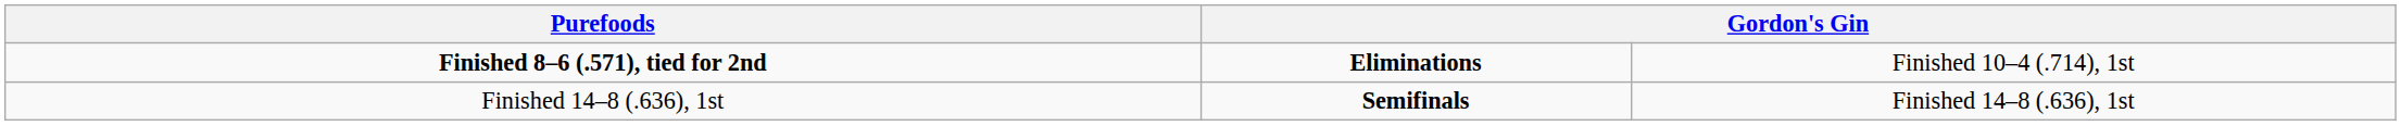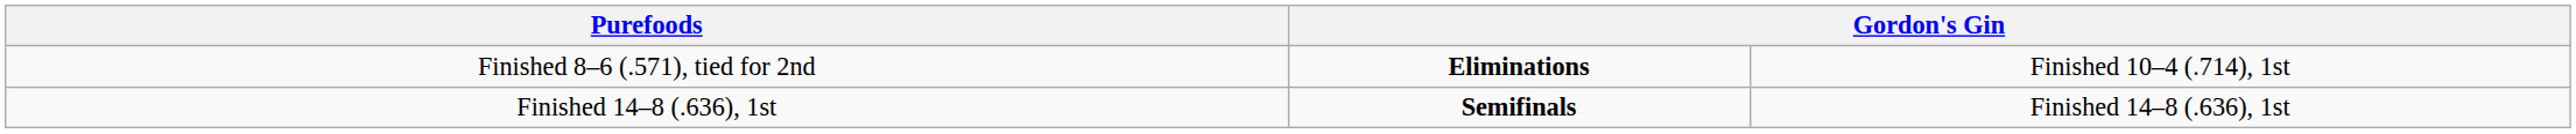 <table class=wikitable width=100%>
 <tr align=center>
 <th colspan=2 width=45%><a href='#'>Purefoods</a></th>
 <th colspan=2 width=45%><a href='#'>Gordon's Gin</a></th>
 </tr>
 <tr align=center>
-<td><strong>Finished 8–6 (.571), tied for 2nd</strong></td>
+<td>Finished 8–6 (.571), tied for 2nd</td>
 <td colspan=2><strong>Eliminations</strong></td>
 <td>Finished 10–4 (.714), 1st</td>
 </tr>
 <tr align=center>
 <td rowspan=2>Finished 14–8 (.636), 1st</td>
 <td colspan=2><strong>Semifinals</strong></td>
 <td>Finished 14–8 (.636), 1st</td>
 </tr>
 </table>
